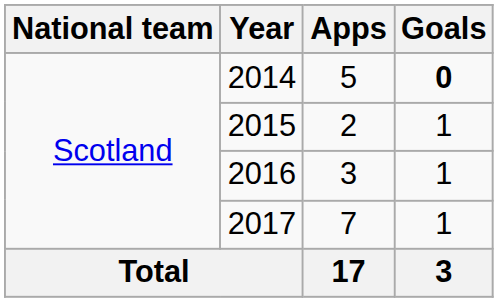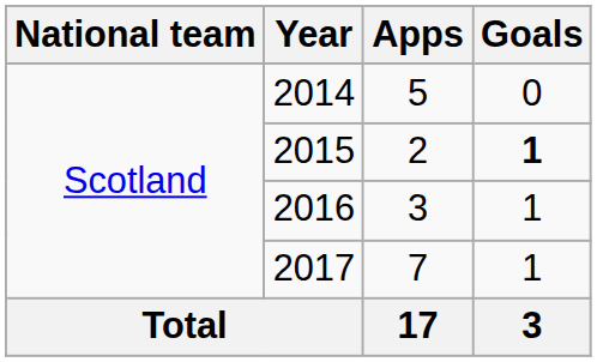 <table class="wikitable" style="text-align:center">
 <tr>
 <th>National team</th>
 <th>Year</th>
 <th>Apps</th>
 <th>Goals</th>
 </tr>
 <tr>
 <td rowspan=4><a href='#'>Scotland</a></td>
 <td>2014</td>
 <td>5</td>
-<td><strong>0</strong></td>
+<td>0</td>
 </tr>
 <tr>
 <td>2015</td>
 <td>2</td>
-<td>1</td>
+<td><strong>1</strong></td>
 </tr>
 <tr>
 <td>2016</td>
 <td>3</td>
 <td>1</td>
 </tr>
 <tr>
 <td>2017</td>
 <td>7</td>
 <td>1</td>
 </tr>
 <tr>
 <th colspan=2>Total</th>
 <th>17</th>
 <th>3</th>
 </tr>
 </table>
